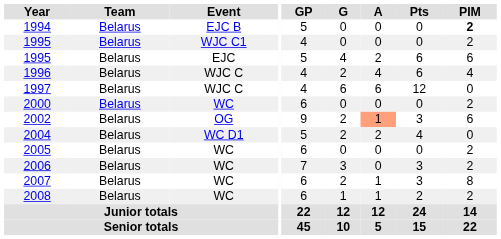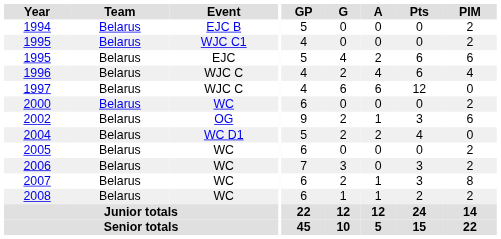 <table border="0" cellpadding="1" cellspacing="0" ID="Table3" style="text-align:center; width:40em">
 <tr bgcolor="#e0e0e0">
 <th>Year</th>
 <th>Team</th>
 <th>Event</th>
 <th rowspan="102" bgcolor="#ffffff"></th>
 <th>GP</th>
 <th>G</th>
 <th>A</th>
 <th>Pts</th>
 <th>PIM</th>
 </tr>
 <tr>
 <td><a href='#'>1994</a></td>
 <td><a href='#'>Belarus</a></td>
 <td><a href='#'>EJC B</a></td>
 <td>5</td>
 <td>0</td>
 <td>0</td>
 <td>0</td>
-<td><strong>2</strong></td>
+<td>2</td>
 </tr>
 <tr bgcolor="#f0f0f0">
 <td><a href='#'>1995</a></td>
 <td><a href='#'>Belarus</a></td>
 <td><a href='#'>WJC C1</a></td>
 <td>4</td>
 <td>0</td>
 <td>0</td>
 <td>0</td>
 <td>2</td>
 </tr>
 <tr>
 <td><a href='#'>1995</a></td>
 <td>Belarus</td>
 <td>EJC</td>
 <td>5</td>
 <td>4</td>
 <td>2</td>
 <td>6</td>
 <td>6</td>
 </tr>
 <tr bgcolor="#f0f0f0">
 <td><a href='#'>1996</a></td>
 <td>Belarus</td>
 <td>WJC C</td>
 <td>4</td>
 <td>2</td>
 <td>4</td>
 <td>6</td>
 <td>4</td>
 </tr>
 <tr>
 <td><a href='#'>1997</a></td>
 <td>Belarus</td>
 <td>WJC C</td>
 <td>4</td>
 <td>6</td>
 <td>6</td>
 <td>12</td>
 <td>0</td>
 </tr>
 <tr bgcolor="#f0f0f0">
 <td><a href='#'>2000</a></td>
 <td><a href='#'>Belarus</a></td>
 <td><a href='#'>WC</a></td>
 <td>6</td>
 <td>0</td>
 <td>0</td>
 <td>0</td>
 <td>2</td>
 </tr>
 <tr>
 <td><a href='#'>2002</a></td>
 <td>Belarus</td>
 <td><a href='#'>OG</a></td>
 <td>9</td>
 <td>2</td>
-<td style="background: lightsalmon;">1</td>
+<td>1</td>
 <td>3</td>
 <td>6</td>
 </tr>
 <tr bgcolor="#f0f0f0">
 <td><a href='#'>2004</a></td>
 <td>Belarus</td>
 <td><a href='#'>WC D1</a></td>
 <td>5</td>
 <td>2</td>
 <td>2</td>
 <td>4</td>
 <td>0</td>
 </tr>
 <tr>
 <td><a href='#'>2005</a></td>
 <td>Belarus</td>
 <td>WC</td>
 <td>6</td>
 <td>0</td>
 <td>0</td>
 <td>0</td>
 <td>2</td>
 </tr>
 <tr bgcolor="#f0f0f0">
 <td><a href='#'>2006</a></td>
 <td>Belarus</td>
 <td>WC</td>
 <td>7</td>
 <td>3</td>
 <td>0</td>
 <td>3</td>
 <td>2</td>
 </tr>
 <tr>
 <td><a href='#'>2007</a></td>
 <td>Belarus</td>
 <td>WC</td>
 <td>6</td>
 <td>2</td>
 <td>1</td>
 <td>3</td>
 <td>8</td>
 </tr>
 <tr bgcolor="#f0f0f0">
 <td><a href='#'>2008</a></td>
 <td>Belarus</td>
 <td>WC</td>
 <td>6</td>
 <td>1</td>
 <td>1</td>
 <td>2</td>
 <td>2</td>
 </tr>
 <tr bgcolor="#e0e0e0">
 <th colspan="3">Junior totals</th>
 <th>22</th>
 <th>12</th>
 <th>12</th>
 <th>24</th>
 <th>14</th>
 </tr>
 <tr bgcolor="#e0e0e0">
 <th colspan="3">Senior totals</th>
 <th>45</th>
 <th>10</th>
 <th>5</th>
 <th>15</th>
 <th>22</th>
 </tr>
 </table>
